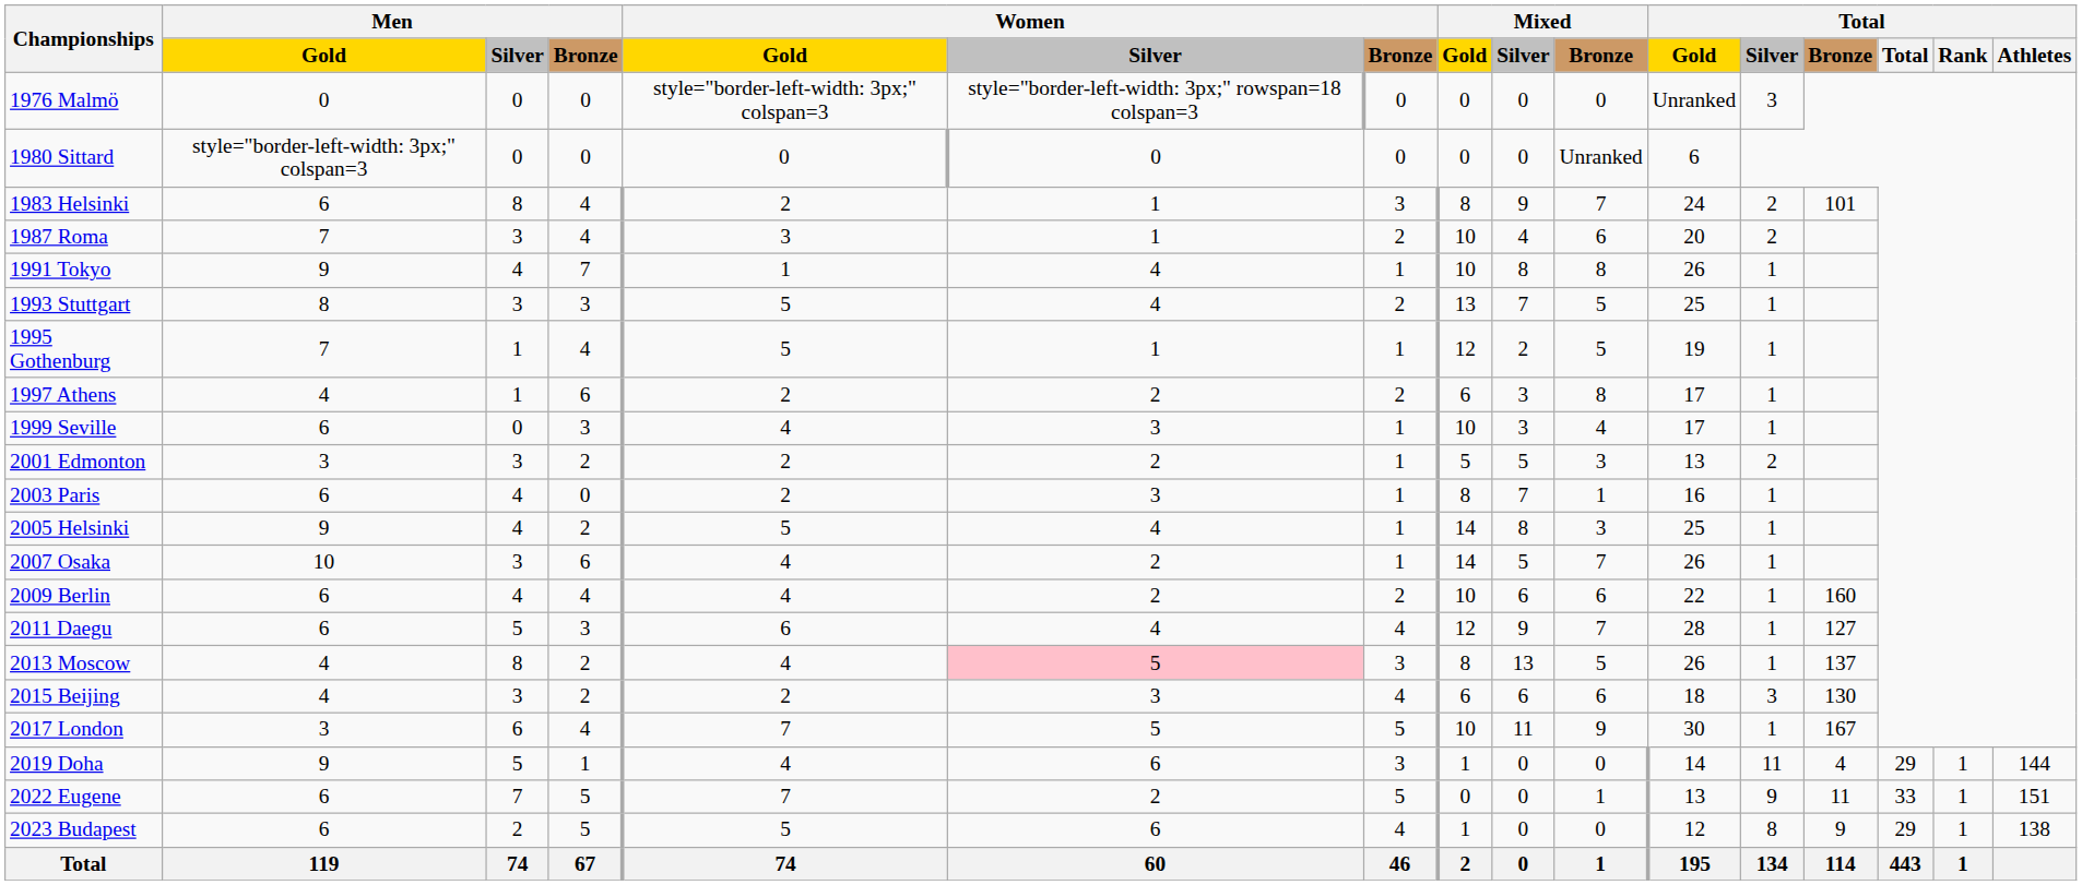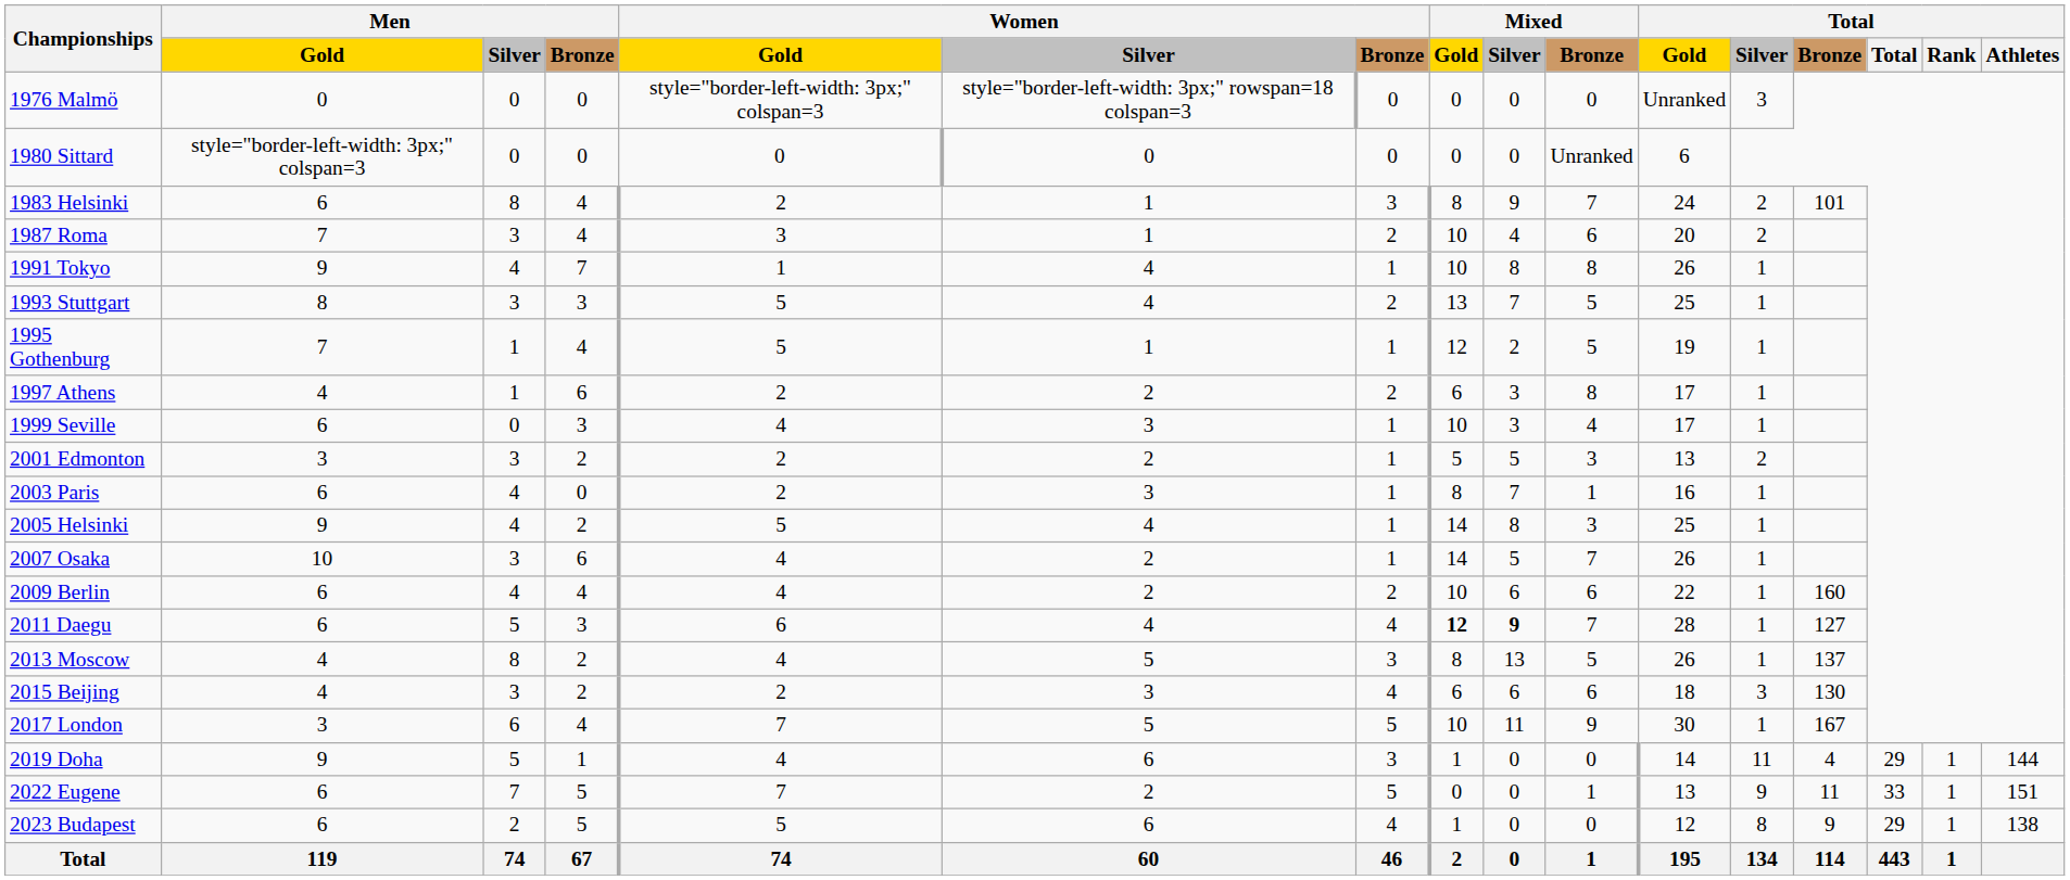 <table class="wikitable" style="text-align:center">
 <tr>
 <th rowspan="2">Championships</th>
 <th colspan="3">Men</th>
 <th colspan="3">Women</th>
 <th colspan="3">Mixed</th>
 <th colspan="6">Total</th>
 </tr>
 <tr>
 <th style="background-color: gold;">Gold</th>
 <th style="background-color: silver;">Silver</th>
 <th style="background-color: #cc9966;">Bronze</th>
 <th style="background-color: gold;">Gold</th>
 <th style="background-color: silver;">Silver</th>
 <th style="background-color: #cc9966;">Bronze</th>
 <th style="background-color: gold;">Gold</th>
 <th style="background-color: silver;">Silver</th>
 <th style="background-color: #cc9966;">Bronze</th>
 <th style="background-color: gold;">Gold</th>
 <th style="background-color: silver;">Silver</th>
 <th style="background-color: #cc9966;">Bronze</th>
 <th>Total</th>
 <th>Rank</th>
 <th>Athletes</th>
 </tr>
 <tr>
 <td align="left"><a href='#'>1976 Malmö</a></td>
 <td>0</td>
 <td>0</td>
 <td>0</td>
 <td>style="border-left-width: 3px;" colspan=3 </td>
 <td>style="border-left-width: 3px;" rowspan=18 colspan=3 </td>
 <td style="border-left-width: 3px;">0</td>
 <td>0</td>
 <td>0</td>
 <td>0</td>
 <td>Unranked</td>
 <td>3</td>
 </tr>
 <tr>
 <td align="left"><a href='#'>1980 Sittard</a></td>
 <td>style="border-left-width: 3px;" colspan=3 </td>
 <td>0</td>
 <td>0</td>
 <td>0</td>
 <td style="border-left-width: 3px;">0</td>
 <td>0</td>
 <td>0</td>
 <td>0</td>
 <td>Unranked</td>
 <td>6</td>
 </tr>
 <tr>
 <td align="left"><a href='#'>1983 Helsinki</a></td>
 <td>6</td>
 <td>8</td>
 <td>4</td>
 <td style="border-left-width: 3px;">2</td>
 <td>1</td>
 <td>3</td>
 <td style="border-left-width: 3px;">8</td>
 <td>9</td>
 <td>7</td>
 <td>24</td>
 <td>2</td>
 <td>101</td>
 </tr>
 <tr>
 <td align="left"><a href='#'>1987 Roma</a></td>
 <td>7</td>
 <td>3</td>
 <td>4</td>
 <td style="border-left-width: 3px;">3</td>
 <td>1</td>
 <td>2</td>
 <td style="border-left-width: 3px;">10</td>
 <td>4</td>
 <td>6</td>
 <td>20</td>
 <td>2</td>
 <td></td>
 </tr>
 <tr>
 <td align="left"><a href='#'>1991 Tokyo</a></td>
 <td>9</td>
 <td>4</td>
 <td>7</td>
 <td style="border-left-width: 3px;">1</td>
 <td>4</td>
 <td>1</td>
 <td style="border-left-width: 3px;">10</td>
 <td>8</td>
 <td>8</td>
 <td>26</td>
 <td>1</td>
 <td></td>
 </tr>
 <tr>
 <td align="left"><a href='#'>1993 Stuttgart</a></td>
 <td>8</td>
 <td>3</td>
 <td>3</td>
 <td style="border-left-width: 3px;">5</td>
 <td>4</td>
 <td>2</td>
 <td style="border-left-width: 3px;">13</td>
 <td>7</td>
 <td>5</td>
 <td>25</td>
 <td>1</td>
 <td></td>
 </tr>
 <tr>
 <td align="left"><a href='#'>1995 Gothenburg</a></td>
 <td>7</td>
 <td>1</td>
 <td>4</td>
 <td style="border-left-width: 3px;">5</td>
 <td>1</td>
 <td>1</td>
 <td style="border-left-width: 3px;">12</td>
 <td>2</td>
 <td>5</td>
 <td>19</td>
 <td>1</td>
 <td></td>
 </tr>
 <tr>
 <td align="left"><a href='#'>1997 Athens</a></td>
 <td>4</td>
 <td>1</td>
 <td>6</td>
 <td style="border-left-width: 3px;">2</td>
 <td>2</td>
 <td>2</td>
 <td style="border-left-width: 3px;">6</td>
 <td>3</td>
 <td>8</td>
 <td>17</td>
 <td>1</td>
 <td></td>
 </tr>
 <tr>
 <td align="left"><a href='#'>1999 Seville</a></td>
 <td>6</td>
 <td>0</td>
 <td>3</td>
 <td style="border-left-width: 3px;">4</td>
 <td>3</td>
 <td>1</td>
 <td style="border-left-width: 3px;">10</td>
 <td>3</td>
 <td>4</td>
 <td>17</td>
 <td>1</td>
 <td></td>
 </tr>
 <tr>
 <td align="left"><a href='#'>2001 Edmonton</a></td>
 <td>3</td>
 <td>3</td>
 <td>2</td>
 <td style="border-left-width: 3px;">2</td>
 <td>2</td>
 <td>1</td>
 <td style="border-left-width: 3px;">5</td>
 <td>5</td>
 <td>3</td>
 <td>13</td>
 <td>2</td>
 <td></td>
 </tr>
 <tr>
 <td align="left"><a href='#'>2003 Paris</a></td>
 <td>6</td>
 <td>4</td>
 <td>0</td>
 <td style="border-left-width: 3px;">2</td>
 <td>3</td>
 <td>1</td>
 <td style="border-left-width: 3px;">8</td>
 <td>7</td>
 <td>1</td>
 <td>16</td>
 <td>1</td>
 <td></td>
 </tr>
 <tr>
 <td align="left"><a href='#'>2005 Helsinki</a></td>
 <td>9</td>
 <td>4</td>
 <td>2</td>
 <td style="border-left-width: 3px;">5</td>
 <td>4</td>
 <td>1</td>
 <td style="border-left-width: 3px;">14</td>
 <td>8</td>
 <td>3</td>
 <td>25</td>
 <td>1</td>
 <td></td>
 </tr>
 <tr>
 <td align="left"><a href='#'>2007 Osaka</a></td>
 <td>10</td>
 <td>3</td>
 <td>6</td>
 <td style="border-left-width: 3px;">4</td>
 <td>2</td>
 <td>1</td>
 <td style="border-left-width: 3px;">14</td>
 <td>5</td>
 <td>7</td>
 <td>26</td>
 <td>1</td>
 <td></td>
 </tr>
 <tr>
 <td align="left"><a href='#'>2009 Berlin</a></td>
 <td>6</td>
 <td>4</td>
 <td>4</td>
 <td style="border-left-width: 3px;">4</td>
 <td>2</td>
 <td>2</td>
 <td style="border-left-width: 3px;">10</td>
 <td>6</td>
 <td>6</td>
 <td>22</td>
 <td>1</td>
 <td>160</td>
 </tr>
 <tr>
 <td align="left"><a href='#'>2011 Daegu</a></td>
 <td>6</td>
 <td>5</td>
 <td>3</td>
 <td style="border-left-width: 3px;">6</td>
 <td>4</td>
 <td>4</td>
-<td style="border-left-width: 3px;">12</td>
-<td>9</td>
+<td style="border-left-width: 3px;"><strong>12</strong></td>
+<td><strong>9</strong></td>
 <td>7</td>
 <td>28</td>
 <td>1</td>
 <td>127</td>
 </tr>
 <tr>
 <td align="left"><a href='#'>2013 Moscow</a></td>
 <td>4</td>
 <td>8</td>
 <td>2</td>
 <td style="border-left-width: 3px;">4</td>
-<td style="background: pink;">5</td>
+<td>5</td>
 <td>3</td>
 <td style="border-left-width: 3px;">8</td>
 <td>13</td>
 <td>5</td>
 <td>26</td>
 <td>1</td>
 <td>137</td>
 </tr>
 <tr>
 <td align="left"><a href='#'>2015 Beijing</a></td>
 <td>4</td>
 <td>3</td>
 <td>2</td>
 <td style="border-left-width: 3px;">2</td>
 <td>3</td>
 <td>4</td>
 <td style="border-left-width: 3px;">6</td>
 <td>6</td>
 <td>6</td>
 <td>18</td>
 <td>3</td>
 <td>130</td>
 </tr>
 <tr>
 <td align="left"><a href='#'>2017 London</a></td>
 <td>3</td>
 <td>6</td>
 <td>4</td>
 <td style="border-left-width: 3px;">7</td>
 <td>5</td>
 <td>5</td>
 <td style="border-left-width: 3px;">10</td>
 <td>11</td>
 <td>9</td>
 <td>30</td>
 <td>1</td>
 <td>167</td>
 </tr>
 <tr>
 <td align="left"><a href='#'>2019 Doha</a></td>
 <td>9</td>
 <td>5</td>
 <td>1</td>
 <td style="border-left-width: 3px;">4</td>
 <td>6</td>
 <td>3</td>
 <td style="border-left-width: 3px;">1</td>
 <td>0</td>
 <td>0</td>
 <td style="border-left-width: 3px;">14</td>
 <td>11</td>
 <td>4</td>
 <td>29</td>
 <td>1</td>
 <td>144</td>
 </tr>
 <tr>
 <td align="left"><a href='#'>2022 Eugene</a></td>
 <td>6</td>
 <td>7</td>
 <td>5</td>
 <td style="border-left-width: 3px;">7</td>
 <td>2</td>
 <td>5</td>
 <td style="border-left-width: 3px;">0</td>
 <td>0</td>
 <td>1</td>
 <td style="border-left-width: 3px;">13</td>
 <td>9</td>
 <td>11</td>
 <td>33</td>
 <td>1</td>
 <td>151</td>
 </tr>
 <tr>
 <td align="left"><a href='#'>2023 Budapest</a></td>
 <td>6</td>
 <td>2</td>
 <td>5</td>
 <td style="border-left-width:3px;">5</td>
 <td>6</td>
 <td>4</td>
 <td style="border-left-width:3px;">1</td>
 <td>0</td>
 <td>0</td>
 <td style="border-left-width:3px;">12</td>
 <td>8</td>
 <td>9</td>
 <td>29</td>
 <td>1</td>
 <td>138</td>
 </tr>
 <tr>
 <th align="left"><strong>Total</strong></th>
 <th><strong>119</strong></th>
 <th><strong>74</strong></th>
 <th><strong>67</strong></th>
 <th style="border-left-width: 3px;"><strong>74</strong></th>
 <th><strong>60</strong></th>
 <th><strong>46</strong></th>
 <th style="border-left-width: 3px;"><strong>2</strong></th>
 <th><strong>0</strong></th>
 <th><strong>1</strong></th>
 <th style="border-left-width: 3px;"><strong>195</strong></th>
 <th><strong>134</strong></th>
 <th><strong>114</strong></th>
 <th><strong>443</strong></th>
 <th><strong>1</strong></th>
 <th></th>
 </tr>
 </table>
